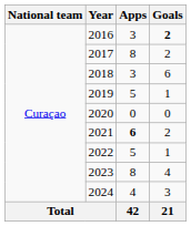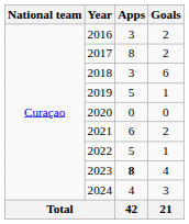 <table class="wikitable" style="text-align:center">
 <tr>
 <th>National team</th>
 <th>Year</th>
 <th>Apps</th>
 <th>Goals</th>
 </tr>
 <tr>
 <td rowspan="9"><a href='#'>Curaçao</a></td>
 <td>2016</td>
 <td>3</td>
-<td><strong>2</strong></td>
+<td>2</td>
 </tr>
 <tr>
 <td>2017</td>
 <td>8</td>
 <td>2</td>
 </tr>
 <tr>
 <td>2018</td>
 <td>3</td>
 <td>6</td>
 </tr>
 <tr>
 <td>2019</td>
 <td>5</td>
 <td>1</td>
 </tr>
 <tr>
 <td>2020</td>
 <td>0</td>
 <td>0</td>
 </tr>
 <tr>
 <td>2021</td>
-<td><strong>6</strong></td>
+<td>6</td>
 <td>2</td>
 </tr>
 <tr>
 <td>2022</td>
 <td>5</td>
 <td>1</td>
 </tr>
 <tr>
 <td>2023</td>
-<td>8</td>
+<td><strong>8</strong></td>
 <td>4</td>
 </tr>
 <tr>
 <td>2024</td>
 <td>4</td>
 <td>3</td>
 </tr>
 <tr>
 <th colspan="2">Total</th>
 <th>42</th>
 <th>21</th>
 </tr>
 </table>
